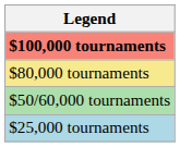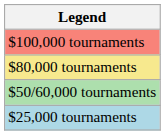 <table class=wikitable style="font-size:85%">
 <tr>
 <th>Legend</th>
 </tr>
 <tr style="background:#f88379;">
-<td><strong>$100,000 tournaments</strong></td>
+<td>$100,000 tournaments</td>
 </tr>
 <tr style="background:#f7e98e;">
 <td>$80,000 tournaments</td>
 </tr>
 <tr style="background:#addfad;">
 <td>$50/60,000 tournaments</td>
 </tr>
 <tr style="background:lightblue;">
 <td>$25,000 tournaments</td>
 </tr>
 </table>
